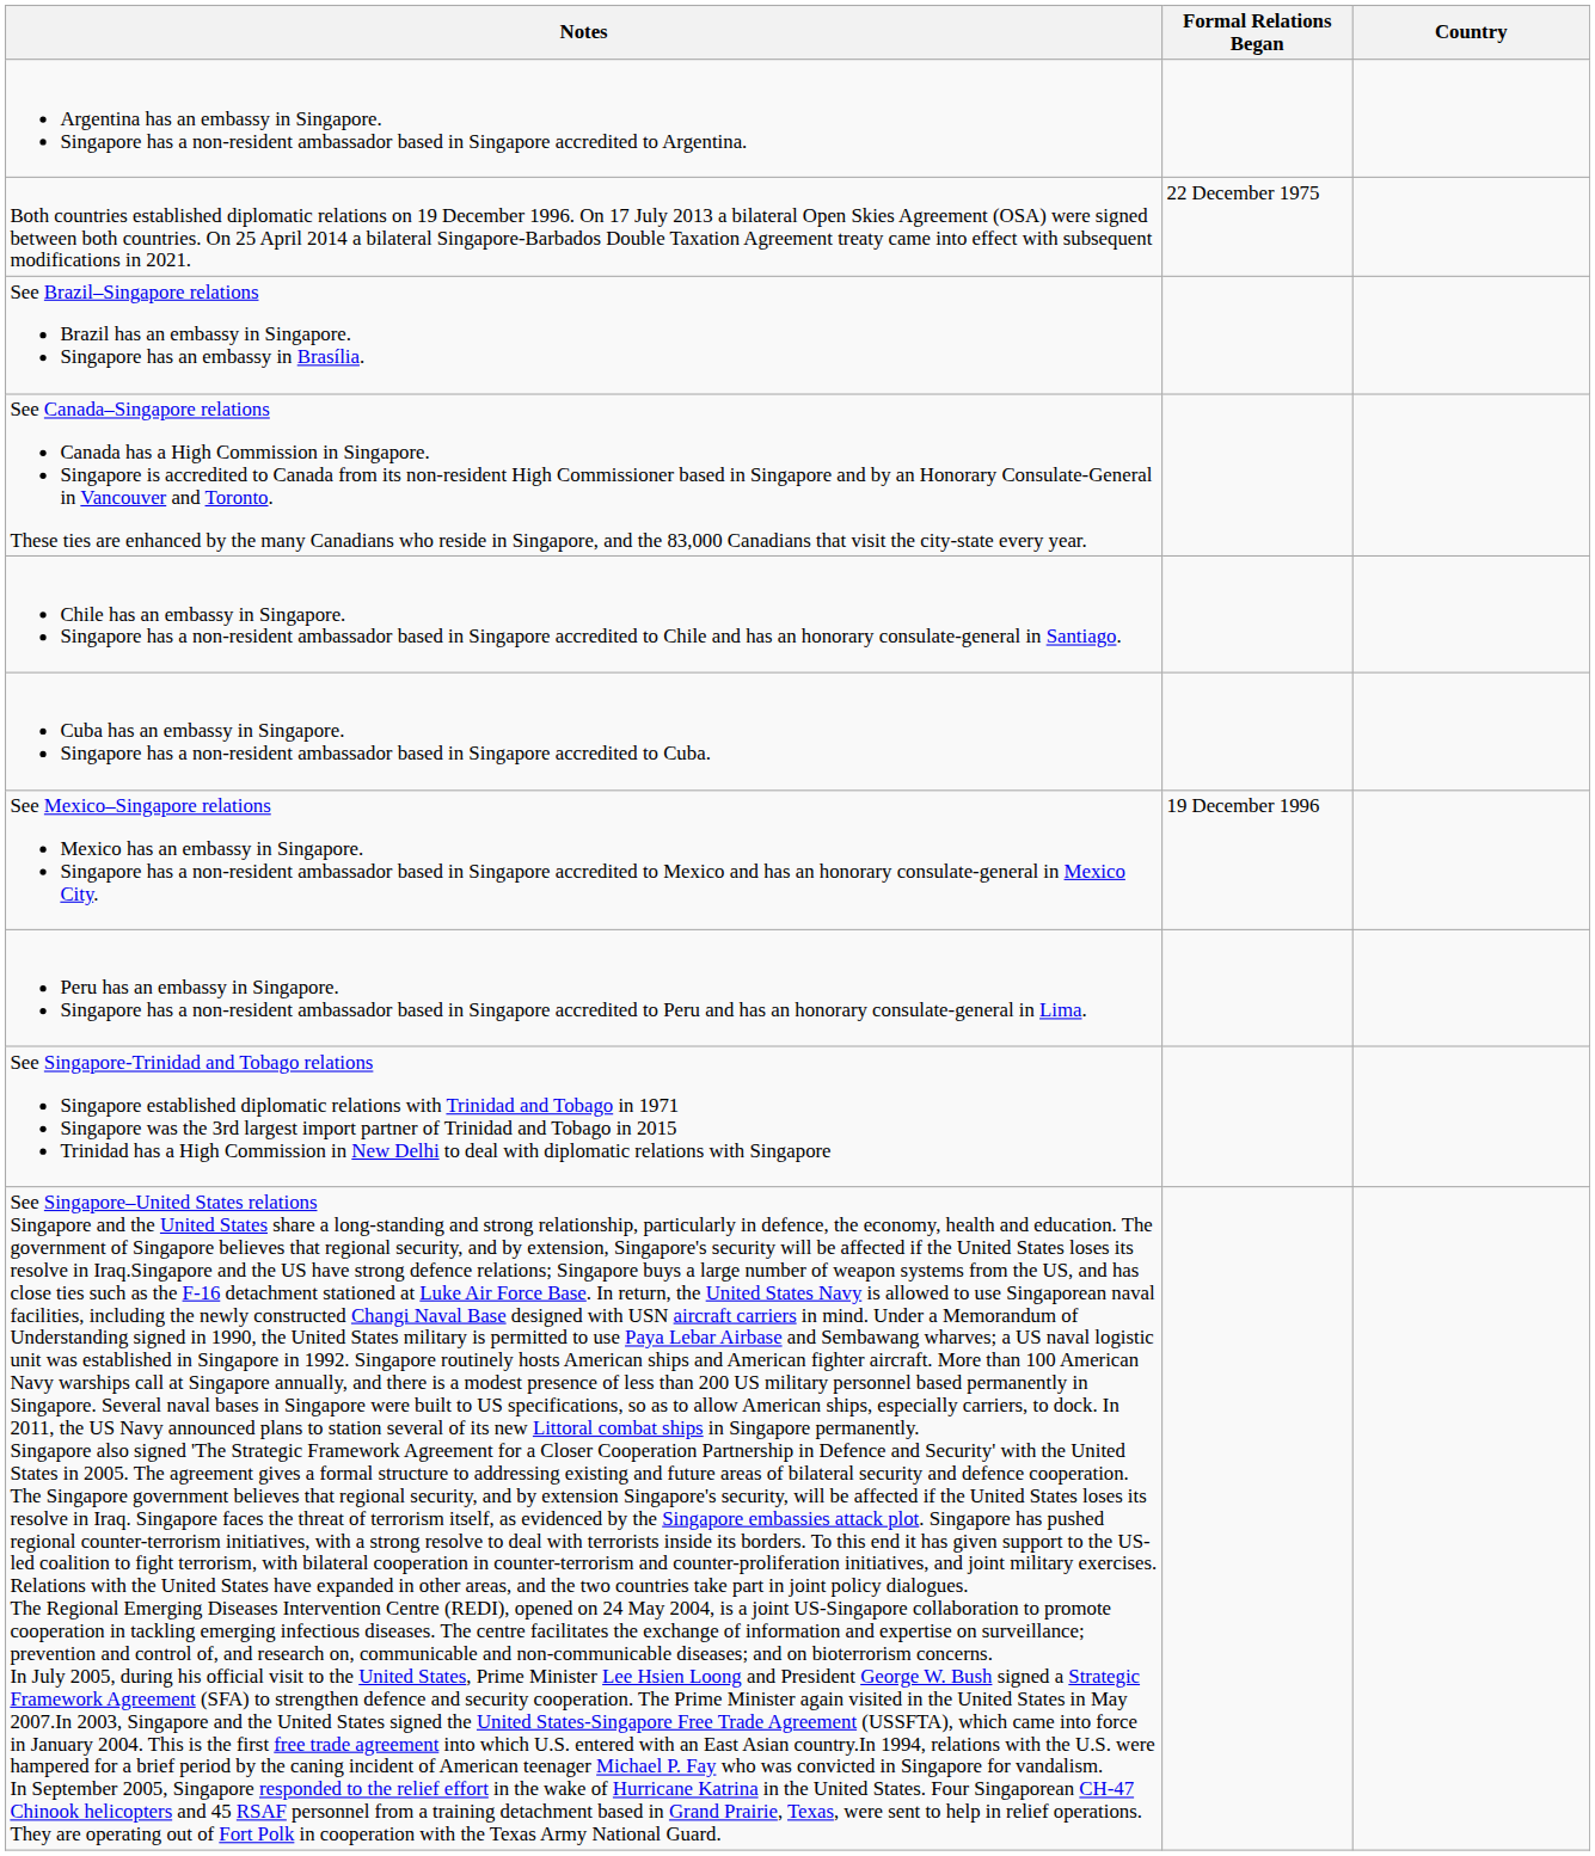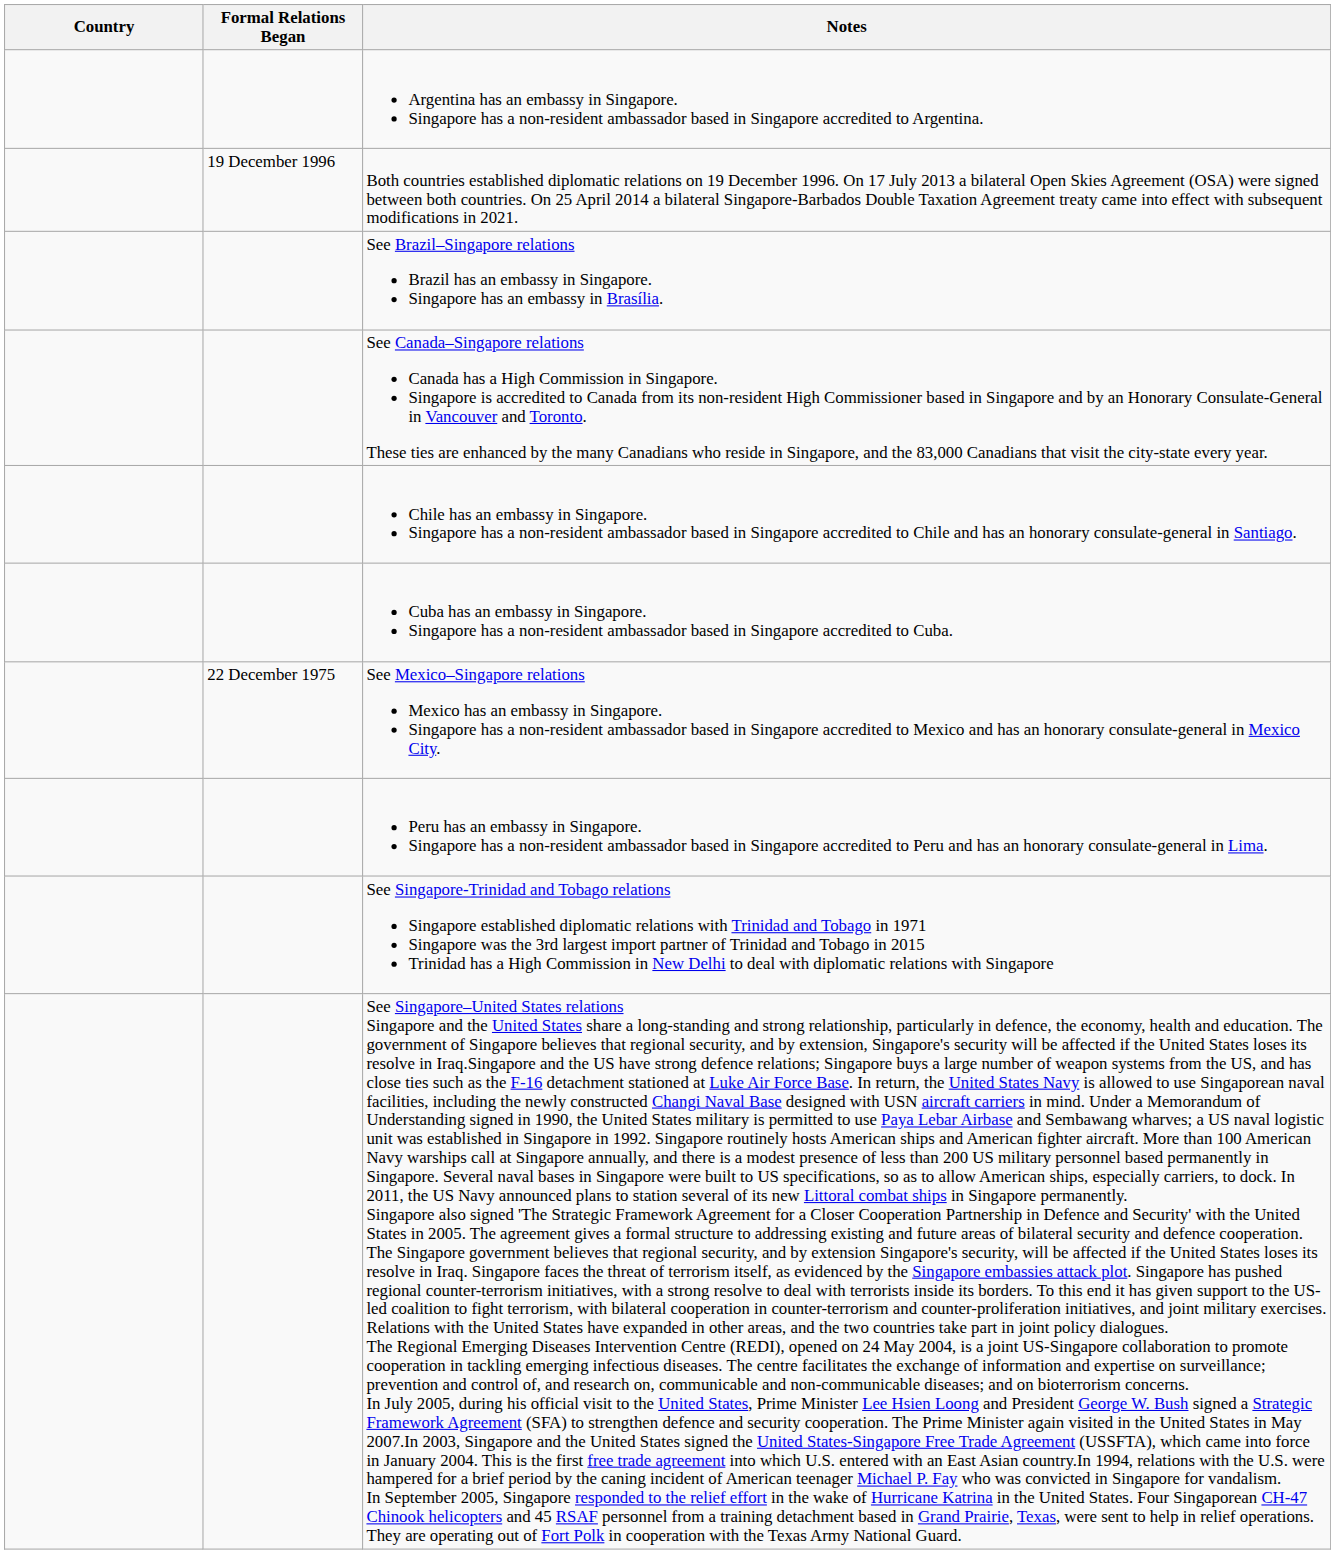 <table class="wikitable sortable" style="width:100%; margin:auto;">
 <tr>
+<th style="width:15%;">Country</th>
+<th style="width:12%;">Formal Relations Began</th>
 <th>Notes</th>
-<th style="width:12%;">Formal Relations Began</th>
-<th style="width:15%;">Country</th>
 </tr>
 <tr valign="top">
-<td><br><ul><li>Argentina has an embassy in Singapore.</li><li>Singapore has a non-resident ambassador based in Singapore accredited to Argentina.</li></ul></td>
 <td></td>
 <td></td>
+<td><br><ul><li>Argentina has an embassy in Singapore.</li><li>Singapore has a non-resident ambassador based in Singapore accredited to Argentina.</li></ul></td>
 </tr>
 <tr valign="top">
+<td></td>
+<td>19 December 1996</td>
 <td><br>Both countries established diplomatic relations on 19 December 1996. On 17 July 2013 a bilateral Open Skies Agreement (OSA) were signed between both countries. On 25 April 2014 a bilateral Singapore-Barbados Double Taxation Agreement treaty came into effect with subsequent modifications in 2021.</td>
-<td>22 December 1975</td>
-<td></td>
 </tr>
 <tr valign="top">
-<td>See <a href='#'>Brazil–Singapore relations</a><br><ul><li>Brazil has an embassy in Singapore.</li><li>Singapore has an embassy in <a href='#'>Brasília</a>.</li></ul></td>
 <td></td>
 <td></td>
+<td>See <a href='#'>Brazil–Singapore relations</a><br><ul><li>Brazil has an embassy in Singapore.</li><li>Singapore has an embassy in <a href='#'>Brasília</a>.</li></ul></td>
 </tr>
 <tr valign="top">
-<td>See <a href='#'>Canada–Singapore relations</a><br><ul><li>Canada has a High Commission in Singapore.</li><li>Singapore is accredited to Canada from its non-resident High Commissioner based in Singapore and by an Honorary Consulate-General in <a href='#'>Vancouver</a> and <a href='#'>Toronto</a>.</li></ul>These ties are enhanced by the many Canadians who reside in Singapore, and the 83,000 Canadians that visit the city-state every year.</td>
 <td></td>
 <td></td>
+<td>See <a href='#'>Canada–Singapore relations</a><br><ul><li>Canada has a High Commission in Singapore.</li><li>Singapore is accredited to Canada from its non-resident High Commissioner based in Singapore and by an Honorary Consulate-General in <a href='#'>Vancouver</a> and <a href='#'>Toronto</a>.</li></ul>These ties are enhanced by the many Canadians who reside in Singapore, and the 83,000 Canadians that visit the city-state every year.</td>
 </tr>
 <tr valign="top">
-<td><br><ul><li>Chile has an embassy in Singapore.</li><li>Singapore has a non-resident ambassador based in Singapore accredited to Chile and has an honorary consulate-general in <a href='#'>Santiago</a>.</li></ul></td>
 <td></td>
 <td></td>
+<td><br><ul><li>Chile has an embassy in Singapore.</li><li>Singapore has a non-resident ambassador based in Singapore accredited to Chile and has an honorary consulate-general in <a href='#'>Santiago</a>.</li></ul></td>
 </tr>
 <tr valign="top">
-<td><br><ul><li>Cuba has an embassy in Singapore.</li><li>Singapore has a non-resident ambassador based in Singapore accredited to Cuba.</li></ul></td>
 <td></td>
 <td></td>
+<td><br><ul><li>Cuba has an embassy in Singapore.</li><li>Singapore has a non-resident ambassador based in Singapore accredited to Cuba.</li></ul></td>
 </tr>
 <tr valign="top">
+<td></td>
+<td>22 December 1975</td>
 <td>See <a href='#'>Mexico–Singapore relations</a><br><ul><li>Mexico has an embassy in Singapore.</li><li>Singapore has a non-resident ambassador based in Singapore accredited to Mexico and has an honorary consulate-general in <a href='#'>Mexico City</a>.</li></ul></td>
-<td>19 December 1996</td>
-<td></td>
 </tr>
 <tr valign="top">
-<td><br><ul><li>Peru has an embassy in Singapore.</li><li>Singapore has a non-resident ambassador based in Singapore accredited to Peru and has an honorary consulate-general in <a href='#'>Lima</a>.</li></ul></td>
 <td></td>
 <td></td>
+<td><br><ul><li>Peru has an embassy in Singapore.</li><li>Singapore has a non-resident ambassador based in Singapore accredited to Peru and has an honorary consulate-general in <a href='#'>Lima</a>.</li></ul></td>
 </tr>
 <tr valign="top">
-<td>See <a href='#'>Singapore-Trinidad and Tobago relations</a><br><ul><li>Singapore established diplomatic relations with <a href='#'>Trinidad and Tobago</a> in 1971</li><li>Singapore was the 3rd largest import partner of Trinidad and Tobago in 2015</li><li>Trinidad has a High Commission in <a href='#'>New Delhi</a> to deal with diplomatic relations with Singapore</li></ul></td>
 <td></td>
 <td></td>
+<td>See <a href='#'>Singapore-Trinidad and Tobago relations</a><br><ul><li>Singapore established diplomatic relations with <a href='#'>Trinidad and Tobago</a> in 1971</li><li>Singapore was the 3rd largest import partner of Trinidad and Tobago in 2015</li><li>Trinidad has a High Commission in <a href='#'>New Delhi</a> to deal with diplomatic relations with Singapore</li></ul></td>
 </tr>
 <tr valign="top">
-<td>See <a href='#'>Singapore–United States relations</a><br>Singapore and the <a href='#'>United States</a> share a long-standing and strong relationship, particularly in defence, the economy, health and education. The government of Singapore believes that regional security, and by extension, Singapore's security will be affected if the United States loses its resolve in Iraq.Singapore and the US have strong defence relations; Singapore buys a large number of weapon systems from the US, and has close ties such as the <a href='#'>F-16</a> detachment stationed at <a href='#'>Luke Air Force Base</a>. In return, the <a href='#'>United States Navy</a> is allowed to use Singaporean naval facilities, including the newly constructed <a href='#'>Changi Naval Base</a> designed with USN <a href='#'>aircraft carriers</a> in mind. Under a Memorandum of Understanding signed in 1990, the United States military is permitted to use <a href='#'>Paya Lebar Airbase</a> and Sembawang wharves; a US naval logistic unit was established in Singapore in 1992. Singapore routinely hosts American ships and American fighter aircraft. More than 100 American Navy warships call at Singapore annually, and there is a modest presence of less than 200 US military personnel based permanently in Singapore. Several naval bases in Singapore were built to US specifications, so as to allow American ships, especially carriers, to dock. In 2011, the US Navy announced plans to station several of its new <a href='#'>Littoral combat ships</a> in Singapore permanently.<br>Singapore also signed 'The Strategic Framework Agreement for a Closer Cooperation Partnership in Defence and Security' with the United States in 2005. The agreement gives a formal structure to addressing existing and future areas of bilateral security and defence cooperation. The Singapore government believes that regional security, and by extension Singapore's security, will be affected if the United States loses its resolve in Iraq. Singapore faces the threat of terrorism itself, as evidenced by the <a href='#'>Singapore embassies attack plot</a>. Singapore has pushed regional counter-terrorism initiatives, with a strong resolve to deal with terrorists inside its borders. To this end it has given support to the US-led coalition to fight terrorism, with bilateral cooperation in counter-terrorism and counter-proliferation initiatives, and joint military exercises. Relations with the United States have expanded in other areas, and the two countries take part in joint policy dialogues.<br>The Regional Emerging Diseases Intervention Centre (REDI), opened on 24 May 2004, is a joint US-Singapore collaboration to promote cooperation in tackling emerging infectious diseases. The centre facilitates the exchange of information and expertise on surveillance; prevention and control of, and research on, communicable and non-communicable diseases; and on bioterrorism concerns.<br>In July 2005, during his official visit to the <a href='#'>United States</a>, Prime Minister <a href='#'>Lee Hsien Loong</a> and President <a href='#'>George W. Bush</a> signed a <a href='#'>Strategic Framework Agreement</a> (SFA) to strengthen defence and security cooperation. The Prime Minister again visited in the United States in May 2007.In 2003, Singapore and the United States signed the <a href='#'>United States-Singapore Free Trade Agreement</a> (USSFTA), which came into force in January 2004. This is the first <a href='#'>free trade agreement</a> into which U.S. entered with an East Asian country.In 1994, relations with the U.S. were hampered for a brief period by the caning incident of American teenager <a href='#'>Michael P. Fay</a> who was convicted in Singapore for vandalism.<br>In September 2005, Singapore <a href='#'>responded to the relief effort</a> in the wake of <a href='#'>Hurricane Katrina</a> in the United States. Four Singaporean <a href='#'>CH-47 Chinook helicopters</a> and 45 <a href='#'>RSAF</a> personnel from a training detachment based in <a href='#'>Grand Prairie</a>, <a href='#'>Texas</a>, were sent to help in relief operations. They are operating out of <a href='#'>Fort Polk</a> in cooperation with the Texas Army National Guard.</td>
 <td></td>
 <td></td>
+<td>See <a href='#'>Singapore–United States relations</a><br>Singapore and the <a href='#'>United States</a> share a long-standing and strong relationship, particularly in defence, the economy, health and education. The government of Singapore believes that regional security, and by extension, Singapore's security will be affected if the United States loses its resolve in Iraq.Singapore and the US have strong defence relations; Singapore buys a large number of weapon systems from the US, and has close ties such as the <a href='#'>F-16</a> detachment stationed at <a href='#'>Luke Air Force Base</a>. In return, the <a href='#'>United States Navy</a> is allowed to use Singaporean naval facilities, including the newly constructed <a href='#'>Changi Naval Base</a> designed with USN <a href='#'>aircraft carriers</a> in mind. Under a Memorandum of Understanding signed in 1990, the United States military is permitted to use <a href='#'>Paya Lebar Airbase</a> and Sembawang wharves; a US naval logistic unit was established in Singapore in 1992. Singapore routinely hosts American ships and American fighter aircraft. More than 100 American Navy warships call at Singapore annually, and there is a modest presence of less than 200 US military personnel based permanently in Singapore. Several naval bases in Singapore were built to US specifications, so as to allow American ships, especially carriers, to dock. In 2011, the US Navy announced plans to station several of its new <a href='#'>Littoral combat ships</a> in Singapore permanently.<br>Singapore also signed 'The Strategic Framework Agreement for a Closer Cooperation Partnership in Defence and Security' with the United States in 2005. The agreement gives a formal structure to addressing existing and future areas of bilateral security and defence cooperation. The Singapore government believes that regional security, and by extension Singapore's security, will be affected if the United States loses its resolve in Iraq. Singapore faces the threat of terrorism itself, as evidenced by the <a href='#'>Singapore embassies attack plot</a>. Singapore has pushed regional counter-terrorism initiatives, with a strong resolve to deal with terrorists inside its borders. To this end it has given support to the US-led coalition to fight terrorism, with bilateral cooperation in counter-terrorism and counter-proliferation initiatives, and joint military exercises. Relations with the United States have expanded in other areas, and the two countries take part in joint policy dialogues.<br>The Regional Emerging Diseases Intervention Centre (REDI), opened on 24 May 2004, is a joint US-Singapore collaboration to promote cooperation in tackling emerging infectious diseases. The centre facilitates the exchange of information and expertise on surveillance; prevention and control of, and research on, communicable and non-communicable diseases; and on bioterrorism concerns.<br>In July 2005, during his official visit to the <a href='#'>United States</a>, Prime Minister <a href='#'>Lee Hsien Loong</a> and President <a href='#'>George W. Bush</a> signed a <a href='#'>Strategic Framework Agreement</a> (SFA) to strengthen defence and security cooperation. The Prime Minister again visited in the United States in May 2007.In 2003, Singapore and the United States signed the <a href='#'>United States-Singapore Free Trade Agreement</a> (USSFTA), which came into force in January 2004. This is the first <a href='#'>free trade agreement</a> into which U.S. entered with an East Asian country.In 1994, relations with the U.S. were hampered for a brief period by the caning incident of American teenager <a href='#'>Michael P. Fay</a> who was convicted in Singapore for vandalism.<br>In September 2005, Singapore <a href='#'>responded to the relief effort</a> in the wake of <a href='#'>Hurricane Katrina</a> in the United States. Four Singaporean <a href='#'>CH-47 Chinook helicopters</a> and 45 <a href='#'>RSAF</a> personnel from a training detachment based in <a href='#'>Grand Prairie</a>, <a href='#'>Texas</a>, were sent to help in relief operations. They are operating out of <a href='#'>Fort Polk</a> in cooperation with the Texas Army National Guard.</td>
 </tr>
 </table>
